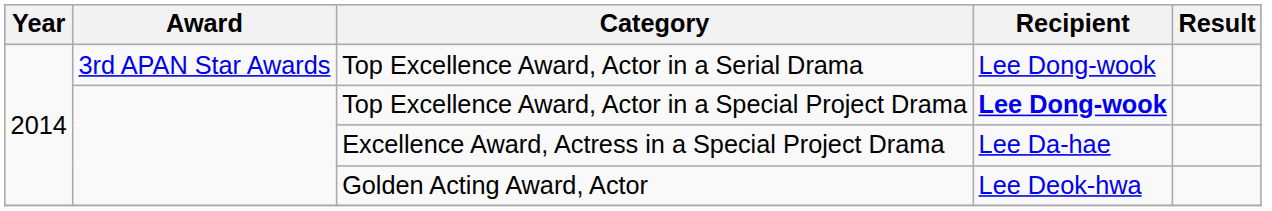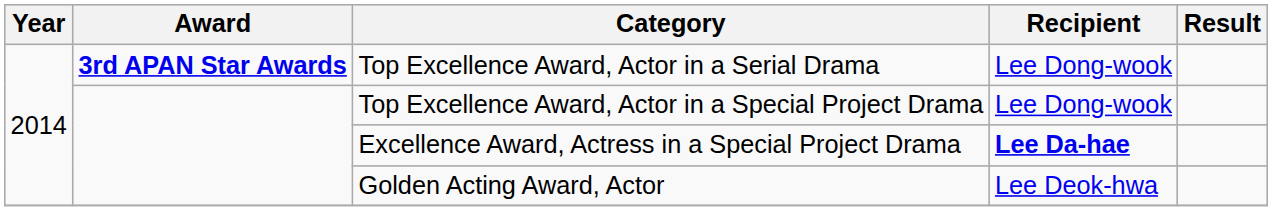 <table class="wikitable">
 <tr>
 <th>Year</th>
 <th>Award</th>
 <th>Category</th>
 <th>Recipient</th>
 <th>Result</th>
 </tr>
 <tr>
 <td rowspan=4>2014</td>
-<td><a href='#'>3rd APAN Star Awards</a></td>
+<td><strong><a href='#'>3rd APAN Star Awards</a></strong></td>
 <td>Top Excellence Award, Actor in a Serial Drama</td>
 <td><a href='#'>Lee Dong-wook</a></td>
 <td></td>
 </tr>
 <tr>
 <td rowspan=3></td>
 <td>Top Excellence Award, Actor in a Special Project Drama</td>
-<td><strong><a href='#'>Lee Dong-wook</a></strong></td>
+<td><a href='#'>Lee Dong-wook</a></td>
 <td></td>
 </tr>
 <tr>
 <td>Excellence Award, Actress in a Special Project Drama</td>
-<td><a href='#'>Lee Da-hae</a></td>
+<td><strong><a href='#'>Lee Da-hae</a></strong></td>
 <td></td>
 </tr>
 <tr>
 <td>Golden Acting Award, Actor</td>
 <td><a href='#'>Lee Deok-hwa</a></td>
 <td></td>
 </tr>
 <tr>
 </tr>
 </table>
